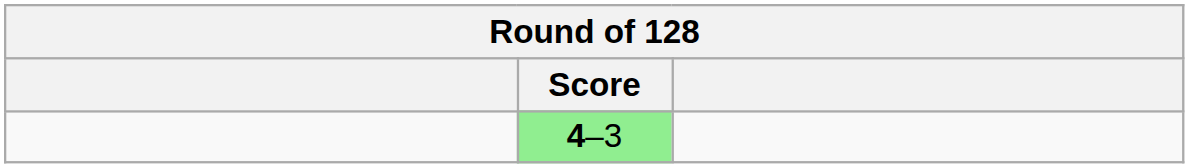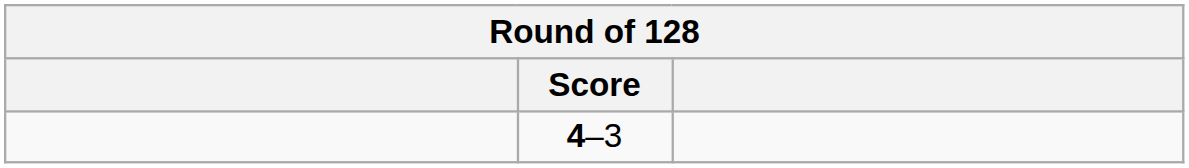 <table class="wikitable" style="text-align: center; font-size:90% ">
 <tr>
 <th colspan=4>Round of 128</th>
 </tr>
 <tr>
 <th width=215></th>
 <th width=60>Score</th>
 <th width=215></th>
 </tr>
 <tr>
 <td align=left><strong></strong></td>
-<td style="background: lightgreen;"><strong>4</strong>–3</td>
+<td><strong>4</strong>–3</td>
 <td align=left></td>
 </tr>
 </table>
